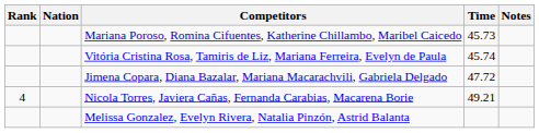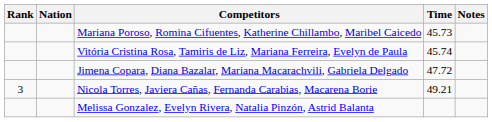 <table class="wikitable sortable" style="text-align:center; font-size:95%">
 <tr>
 <th>Rank</th>
 <th>Nation</th>
 <th>Competitors</th>
 <th>Time</th>
 <th>Notes</th>
 </tr>
 <tr>
 <td></td>
 <td align=left></td>
 <td align=left><a href='#'>Mariana Poroso</a>, <a href='#'>Romina Cifuentes</a>, <a href='#'>Katherine Chillambo</a>, <a href='#'>Maribel Caicedo</a></td>
 <td>45.73</td>
 <td></td>
 </tr>
 <tr>
 <td></td>
 <td align=left></td>
 <td align=left><a href='#'>Vitória Cristina Rosa</a>, <a href='#'>Tamiris de Liz</a>, <a href='#'>Mariana Ferreira</a>, <a href='#'>Evelyn de Paula</a></td>
 <td>45.74</td>
 <td></td>
 </tr>
 <tr>
 <td></td>
 <td align=left></td>
 <td align=left><a href='#'>Jimena Copara</a>, <a href='#'>Diana Bazalar</a>, <a href='#'>Mariana Macarachvili</a>, <a href='#'>Gabriela Delgado</a></td>
 <td>47.72</td>
 <td></td>
 </tr>
 <tr>
-<td>4</td>
+<td>3</td>
 <td align=left></td>
 <td align=left><a href='#'>Nicola Torres</a>, <a href='#'>Javiera Cañas</a>, <a href='#'>Fernanda Carabias</a>, <a href='#'>Macarena Borie</a></td>
 <td>49.21</td>
 <td></td>
 </tr>
 <tr>
 <td></td>
 <td align=left></td>
 <td align=left><a href='#'>Melissa Gonzalez</a>, <a href='#'>Evelyn Rivera</a>, <a href='#'>Natalia Pinzón</a>, <a href='#'>Astrid Balanta</a></td>
 <td></td>
 <td></td>
 </tr>
 </table>
